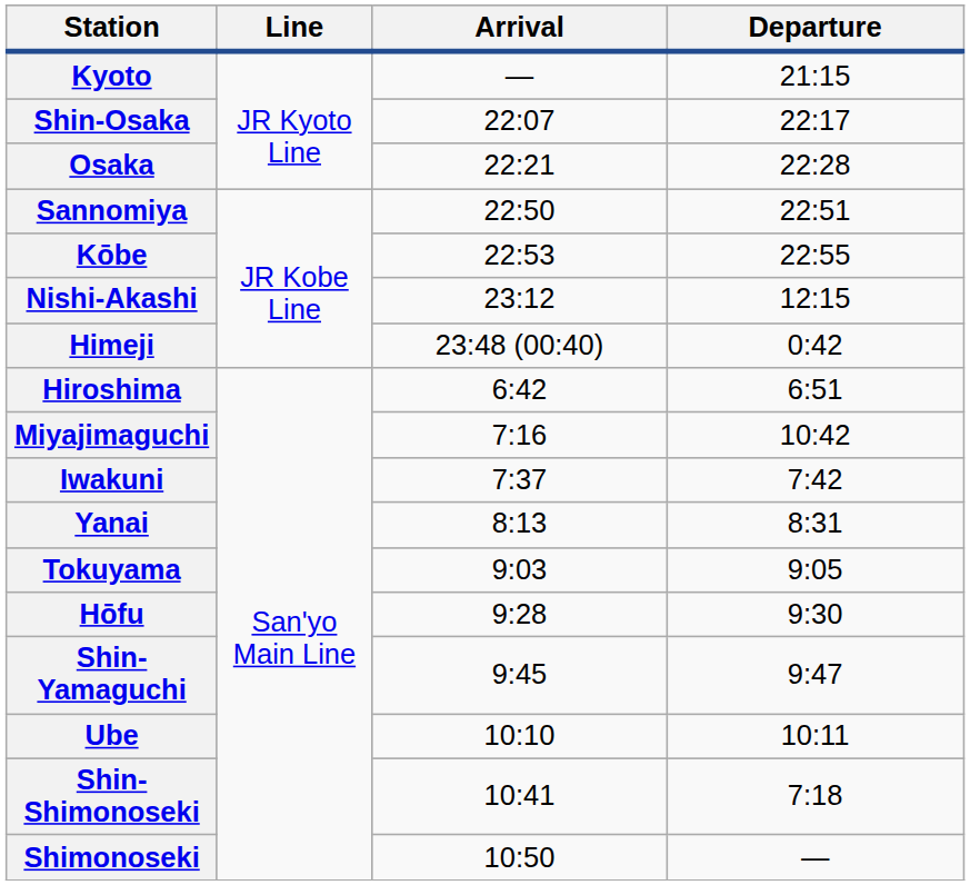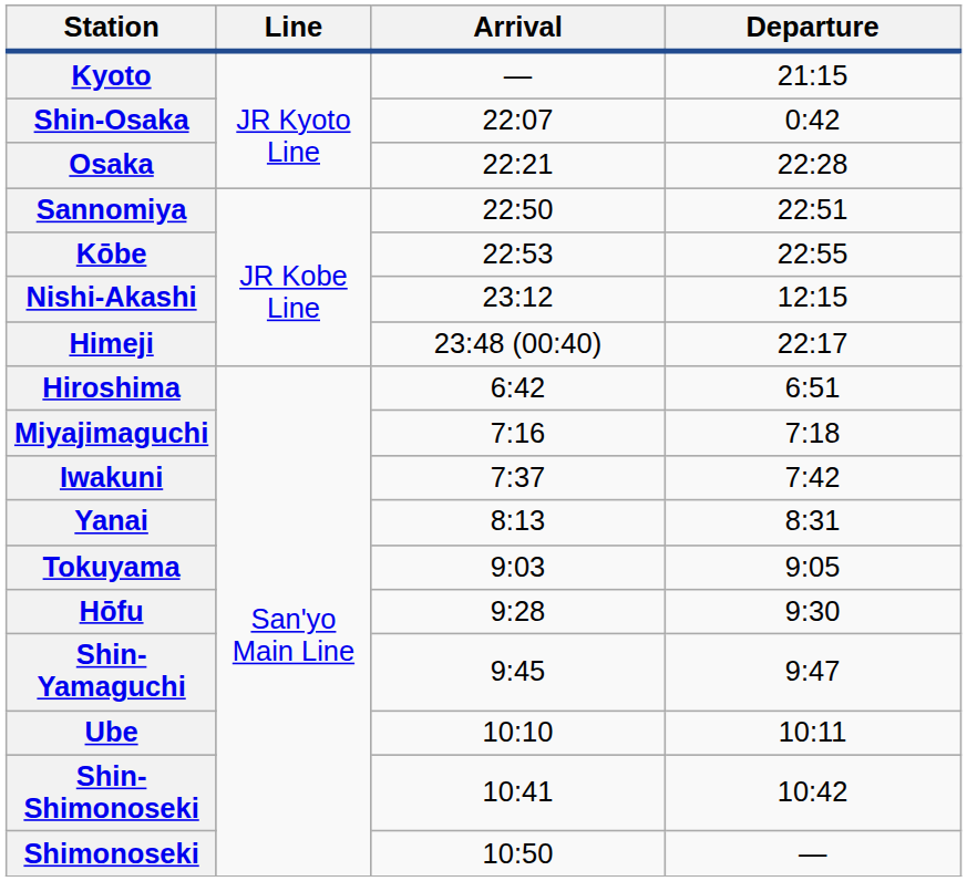 <table class="wikitable" style="text-align:center; font-size:100%; margin:1em 0em 2em 2em;">
 <tr style="border-bottom:solid 3px #224B8F;">
 <th style="width:7em;">Station</th>
 <th style="width:5em;">Line</th>
 <th style="width:10em;">Arrival</th>
 <th style="width:10em;">Departure</th>
 </tr>
 <tr>
 <th><a href='#'>Kyoto</a></th>
 <td rowspan="3"><br><a href='#'>JR Kyoto Line</a></td>
 <td>—</td>
 <td>21:15</td>
 </tr>
 <tr>
 <th><a href='#'>Shin-Osaka</a></th>
 <td>22:07</td>
-<td>22:17</td>
+<td>0:42</td>
 </tr>
 <tr>
 <th><a href='#'>Osaka</a></th>
 <td>22:21</td>
 <td>22:28</td>
 </tr>
 <tr>
 <th><a href='#'>Sannomiya</a></th>
 <td rowspan="4"><br><a href='#'>JR Kobe Line</a></td>
 <td>22:50</td>
 <td>22:51</td>
 </tr>
 <tr>
 <th><a href='#'>Kōbe</a></th>
 <td>22:53</td>
 <td>22:55</td>
 </tr>
 <tr>
 <th><a href='#'>Nishi-Akashi</a></th>
 <td>23:12</td>
 <td>12:15</td>
 </tr>
 <tr>
 <th><a href='#'>Himeji</a></th>
 <td>23:48 (00:40)</td>
-<td>0:42</td>
+<td>22:17</td>
 </tr>
 <tr>
 <th><a href='#'>Hiroshima</a></th>
 <td rowspan="10"><br><a href='#'>San'yo Main Line</a></td>
 <td>6:42</td>
 <td>6:51</td>
 </tr>
 <tr>
 <th><a href='#'>Miyajimaguchi</a></th>
 <td>7:16</td>
-<td>10:42</td>
+<td>7:18</td>
 </tr>
 <tr>
 <th><a href='#'>Iwakuni</a></th>
 <td>7:37</td>
 <td>7:42</td>
 </tr>
 <tr>
 <th><a href='#'>Yanai</a></th>
 <td>8:13</td>
 <td>8:31</td>
 </tr>
 <tr>
 <th><a href='#'>Tokuyama</a></th>
 <td>9:03</td>
 <td>9:05</td>
 </tr>
 <tr>
 <th><a href='#'>Hōfu</a></th>
 <td>9:28</td>
 <td>9:30</td>
 </tr>
 <tr>
 <th><a href='#'>Shin-Yamaguchi</a></th>
 <td>9:45</td>
 <td>9:47</td>
 </tr>
 <tr>
 <th><a href='#'>Ube</a></th>
 <td>10:10</td>
 <td>10:11</td>
 </tr>
 <tr>
 <th><a href='#'>Shin-Shimonoseki</a></th>
 <td>10:41</td>
-<td>7:18</td>
+<td>10:42</td>
 </tr>
 <tr>
 <th><a href='#'>Shimonoseki</a></th>
 <td>10:50</td>
 <td>—</td>
 </tr>
 <tr>
 </tr>
 </table>
